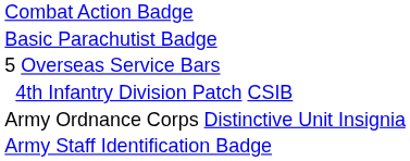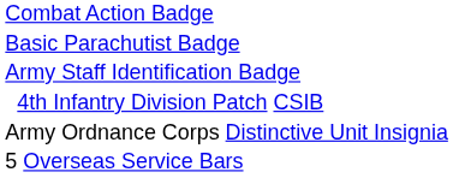 <table>
 <tr>
 <td> <a href='#'>Combat Action Badge</a></td>
 </tr>
 <tr>
 <td> <a href='#'>Basic Parachutist Badge</a></td>
 </tr>
 <tr>
-<td> 5 <a href='#'>Overseas Service Bars</a></td>
+<td> <a href='#'>Army Staff Identification Badge</a></td>
 </tr>
 <tr>
 <td>  <a href='#'>4th Infantry Division Patch</a> <a href='#'>CSIB</a></td>
 </tr>
 <tr>
 <td> Army Ordnance Corps <a href='#'>Distinctive Unit Insignia</a></td>
 </tr>
 <tr>
-<td> <a href='#'>Army Staff Identification Badge</a></td>
+<td> 5 <a href='#'>Overseas Service Bars</a></td>
 </tr>
 </table>
